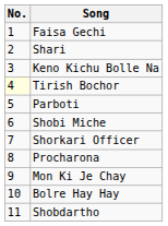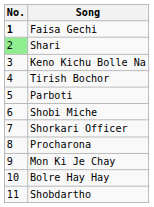 <table class="wikitable">
 <tr>
 <th>No.</th>
 <th>Song</th>
 </tr>
 <tr>
-<td>1</td>
+<td><strong>1</strong></td>
 <td>Faisa Gechi</td>
 </tr>
 <tr>
-<td>2</td>
+<td style="background: lightgreen;">2</td>
 <td>Shari</td>
 </tr>
 <tr>
 <td>3</td>
 <td>Keno Kichu Bolle Na</td>
 </tr>
 <tr>
-<td style="background: lightyellow;">4</td>
+<td>4</td>
 <td>Tirish Bochor</td>
 </tr>
 <tr>
 <td>5</td>
 <td>Parboti</td>
 </tr>
 <tr>
 <td>6</td>
 <td>Shobi Miche</td>
 </tr>
 <tr>
 <td>7</td>
 <td>Shorkari Officer</td>
 </tr>
 <tr>
 <td>8</td>
 <td>Procharona</td>
 </tr>
 <tr>
 <td>9</td>
 <td>Mon Ki Je Chay</td>
 </tr>
 <tr>
 <td>10</td>
 <td>Bolre Hay Hay</td>
 </tr>
 <tr>
 <td>11</td>
 <td>Shobdartho</td>
 </tr>
 </table>
